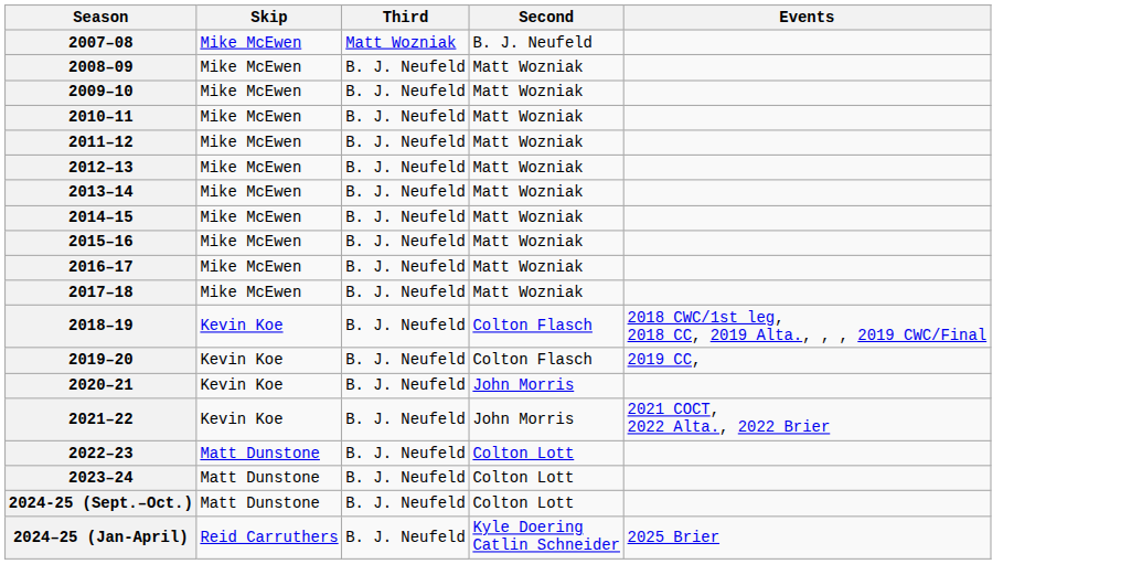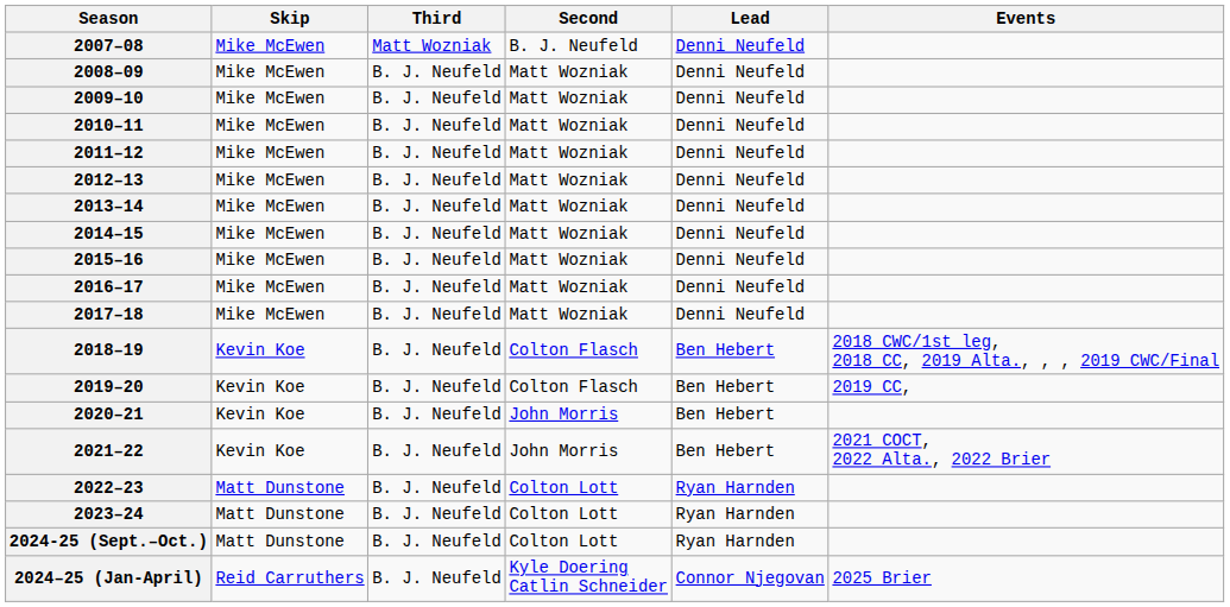 <table class="wikitable">
 <tr>
 <th scope="col">Season</th>
 <th scope="col">Skip</th>
 <th scope="col">Third</th>
 <th scope="col">Second</th>
+<th scope="col">Lead</th>
 <th scope="col">Events</th>
 </tr>
 <tr>
 <th scope="row">2007–08</th>
 <td><a href='#'>Mike McEwen</a></td>
 <td><a href='#'>Matt Wozniak</a></td>
 <td>B. J. Neufeld</td>
+<td><a href='#'>Denni Neufeld</a></td>
 <td></td>
 </tr>
 <tr>
 <th scope="row">2008–09</th>
 <td>Mike McEwen</td>
 <td>B. J. Neufeld</td>
 <td>Matt Wozniak</td>
+<td>Denni Neufeld</td>
 <td></td>
 </tr>
 <tr>
 <th scope="row">2009–10</th>
 <td>Mike McEwen</td>
 <td>B. J. Neufeld</td>
 <td>Matt Wozniak</td>
+<td>Denni Neufeld</td>
 <td></td>
 </tr>
 <tr>
 <th scope="row">2010–11</th>
 <td>Mike McEwen</td>
 <td>B. J. Neufeld</td>
 <td>Matt Wozniak</td>
+<td>Denni Neufeld</td>
 <td></td>
 </tr>
 <tr>
 <th scope="row">2011–12</th>
 <td>Mike McEwen</td>
 <td>B. J. Neufeld</td>
 <td>Matt Wozniak</td>
+<td>Denni Neufeld</td>
 <td></td>
 </tr>
 <tr>
 <th scope="row">2012–13</th>
 <td>Mike McEwen</td>
 <td>B. J. Neufeld</td>
 <td>Matt Wozniak</td>
+<td>Denni Neufeld</td>
 <td></td>
 </tr>
 <tr>
 <th scope="row">2013–14</th>
 <td>Mike McEwen</td>
 <td>B. J. Neufeld</td>
 <td>Matt Wozniak</td>
+<td>Denni Neufeld</td>
 <td></td>
 </tr>
 <tr>
 <th scope="row">2014–15</th>
 <td>Mike McEwen</td>
 <td>B. J. Neufeld</td>
 <td>Matt Wozniak</td>
+<td>Denni Neufeld</td>
 <td></td>
 </tr>
 <tr>
 <th scope="row">2015–16</th>
 <td>Mike McEwen</td>
 <td>B. J. Neufeld</td>
 <td>Matt Wozniak</td>
+<td>Denni Neufeld</td>
 <td></td>
 </tr>
 <tr>
 <th scope="row">2016–17</th>
 <td>Mike McEwen</td>
 <td>B. J. Neufeld</td>
 <td>Matt Wozniak</td>
+<td>Denni Neufeld</td>
 <td></td>
 </tr>
 <tr>
 <th scope="row">2017–18</th>
 <td>Mike McEwen</td>
 <td>B. J. Neufeld</td>
 <td>Matt Wozniak</td>
+<td>Denni Neufeld</td>
 <td></td>
 </tr>
 <tr>
 <th scope="row">2018–19</th>
 <td><a href='#'>Kevin Koe</a></td>
 <td>B. J. Neufeld</td>
 <td><a href='#'>Colton Flasch</a></td>
+<td><a href='#'>Ben Hebert</a></td>
 <td><a href='#'>2018 CWC/1st leg</a>,<br><a href='#'>2018 CC</a>, <a href='#'>2019 Alta.</a>, , , <a href='#'>2019 CWC/Final</a></td>
 </tr>
 <tr>
 <th scope="row">2019–20</th>
 <td>Kevin Koe</td>
 <td>B. J. Neufeld</td>
 <td>Colton Flasch</td>
+<td>Ben Hebert</td>
 <td><a href='#'>2019 CC</a>,<br></td>
 </tr>
 <tr>
 <th scope="row">2020–21</th>
 <td>Kevin Koe</td>
 <td>B. J. Neufeld</td>
 <td><a href='#'>John Morris</a></td>
+<td>Ben Hebert</td>
 <td></td>
 </tr>
 <tr>
 <th scope="row">2021–22</th>
 <td>Kevin Koe</td>
 <td>B. J. Neufeld</td>
 <td>John Morris</td>
+<td>Ben Hebert</td>
 <td><a href='#'>2021 COCT</a>,<br><a href='#'>2022 Alta.</a>,  <a href='#'>2022 Brier</a></td>
 </tr>
 <tr>
 <th scope="row">2022–23</th>
 <td><a href='#'>Matt Dunstone</a></td>
 <td>B. J. Neufeld</td>
 <td><a href='#'>Colton Lott</a></td>
+<td><a href='#'>Ryan Harnden</a></td>
 <td></td>
 </tr>
 <tr>
 <th scope="row">2023–24</th>
 <td>Matt Dunstone</td>
 <td>B. J. Neufeld</td>
 <td>Colton Lott</td>
+<td>Ryan Harnden</td>
 <td></td>
 </tr>
 <tr>
 <th scope="row">2024-25 (Sept.–Oct.)</th>
 <td>Matt Dunstone</td>
 <td>B. J. Neufeld</td>
 <td>Colton Lott</td>
+<td>Ryan Harnden</td>
 <td></td>
 </tr>
 <tr>
 <th scope="row">2024–25 (Jan-April)</th>
 <td><a href='#'>Reid Carruthers</a></td>
 <td>B. J. Neufeld</td>
 <td><a href='#'>Kyle Doering</a><br><a href='#'>Catlin Schneider</a></td>
+<td><a href='#'>Connor Njegovan</a></td>
 <td><a href='#'>2025 Brier</a></td>
 </tr>
 </table>
